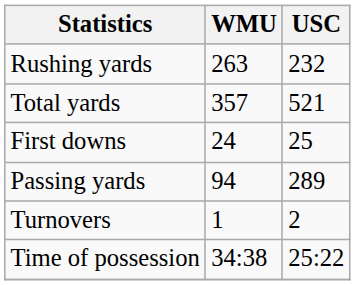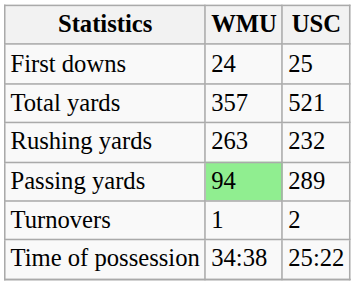 <table class="wikitable" style="float: left;">
 <tr>
 <th>Statistics</th>
 <th>WMU</th>
 <th>USC</th>
 </tr>
 <tr>
-<td>Rushing yards</td>
-<td>263</td>
-<td>232</td>
+<td>First downs</td>
+<td>24</td>
+<td>25</td>
 </tr>
 <tr>
 <td>Total yards</td>
 <td>357</td>
 <td>521</td>
 </tr>
 <tr>
-<td>First downs</td>
-<td>24</td>
-<td>25</td>
+<td>Rushing yards</td>
+<td>263</td>
+<td>232</td>
 </tr>
 <tr>
 <td>Passing yards</td>
-<td>94</td>
+<td style="background: lightgreen;">94</td>
 <td>289</td>
 </tr>
 <tr>
 <td>Turnovers</td>
 <td>1</td>
 <td>2</td>
 </tr>
 <tr>
 <td>Time of possession</td>
 <td>34:38</td>
 <td>25:22</td>
 </tr>
 <tr>
 </tr>
 </table>
